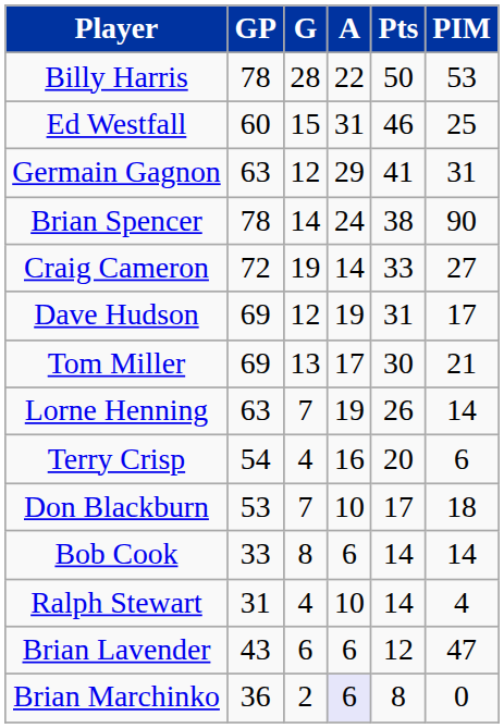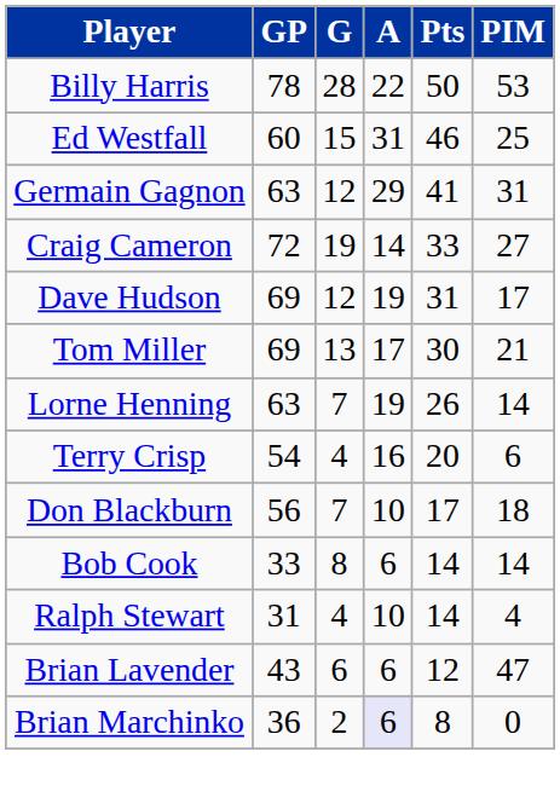 <table class="wikitable sortable">
 <tr>
 <th style="color:white; background:#0033a0; ">Player</th>
 <th style="color:white; background:#0033a0; ">GP</th>
 <th style="color:white; background:#0033a0; ">G</th>
 <th style="color:white; background:#0033a0; ">A</th>
 <th style="color:white; background:#0033a0; ">Pts</th>
 <th style="color:white; background:#0033a0; ">PIM</th>
 </tr>
 <tr align="center">
 <td><a href='#'>Billy Harris</a></td>
 <td>78</td>
 <td>28</td>
 <td>22</td>
 <td>50</td>
 <td>53</td>
 </tr>
 <tr align="center">
 <td><a href='#'>Ed Westfall</a></td>
 <td>60</td>
 <td>15</td>
 <td>31</td>
 <td>46</td>
 <td>25</td>
 </tr>
 <tr align="center">
 <td><a href='#'>Germain Gagnon</a></td>
 <td>63</td>
 <td>12</td>
 <td>29</td>
 <td>41</td>
 <td>31</td>
-</tr>
-<tr align="center">
-<td><a href='#'>Brian Spencer</a></td>
-<td>78</td>
-<td>14</td>
-<td>24</td>
-<td>38</td>
-<td>90</td>
 </tr>
 <tr align="center">
 <td><a href='#'>Craig Cameron</a></td>
 <td>72</td>
 <td>19</td>
 <td>14</td>
 <td>33</td>
 <td>27</td>
 </tr>
 <tr align="center">
 <td><a href='#'>Dave Hudson</a></td>
 <td>69</td>
 <td>12</td>
 <td>19</td>
 <td>31</td>
 <td>17</td>
 </tr>
 <tr align="center">
 <td><a href='#'>Tom Miller</a></td>
 <td>69</td>
 <td>13</td>
 <td>17</td>
 <td>30</td>
 <td>21</td>
 </tr>
 <tr align="center">
 <td><a href='#'>Lorne Henning</a></td>
 <td>63</td>
 <td>7</td>
 <td>19</td>
 <td>26</td>
 <td>14</td>
 </tr>
 <tr align="center">
 <td><a href='#'>Terry Crisp</a></td>
 <td>54</td>
 <td>4</td>
 <td>16</td>
 <td>20</td>
 <td>6</td>
 </tr>
 <tr align="center">
 <td><a href='#'>Don Blackburn</a></td>
-<td>53</td>
+<td>56</td>
 <td>7</td>
 <td>10</td>
 <td>17</td>
 <td>18</td>
 </tr>
 <tr align="center">
 <td><a href='#'>Bob Cook</a></td>
 <td>33</td>
 <td>8</td>
 <td>6</td>
 <td>14</td>
 <td>14</td>
 </tr>
 <tr align="center">
 <td><a href='#'>Ralph Stewart</a></td>
 <td>31</td>
 <td>4</td>
 <td>10</td>
 <td>14</td>
 <td>4</td>
 </tr>
 <tr align="center">
 <td><a href='#'>Brian Lavender</a></td>
 <td>43</td>
 <td>6</td>
 <td>6</td>
 <td>12</td>
 <td>47</td>
 </tr>
 <tr align="center">
 <td><a href='#'>Brian Marchinko</a></td>
 <td>36</td>
 <td>2</td>
 <td style="background: lavender;">6</td>
 <td>8</td>
 <td>0</td>
 </tr>
 </table>
